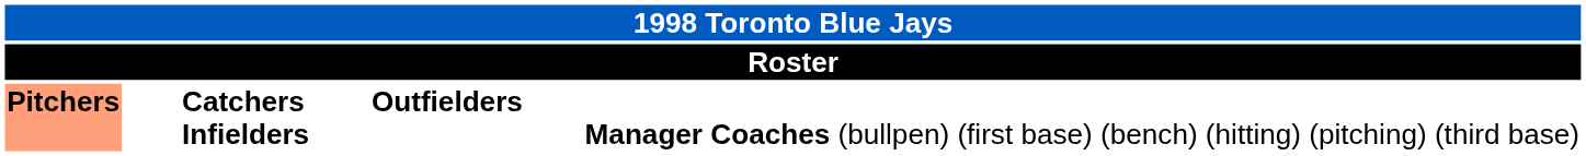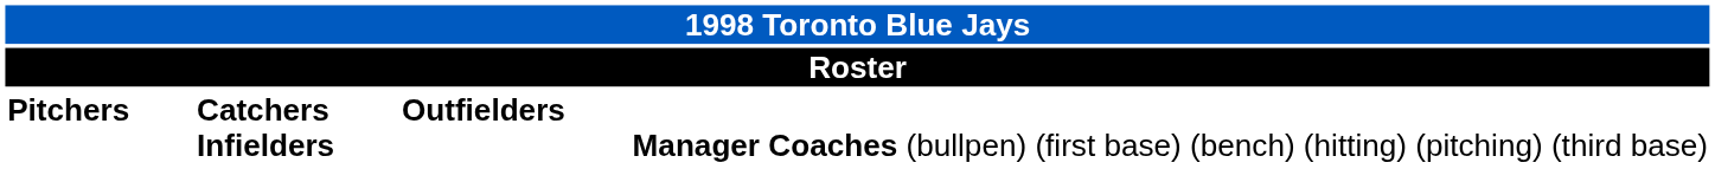 <table class="toccolours" style="font-size: 95%;">
 <tr>
 <th colspan="10" style="background-color: #005ac0; color: #FFFFFF; text-align: center;">1998 Toronto Blue Jays</th>
 </tr>
 <tr>
 <td colspan="10" style="background-color: black; color: white; text-align: center;"><strong>Roster</strong></td>
 </tr>
 <tr>
-<td valign="top" style="background: lightsalmon;"><strong>Pitchers</strong><br>                   </td>
+<td valign="top"><strong>Pitchers</strong><br>                   </td>
 <td width="25px"></td>
 <td valign="top"><strong>Catchers</strong><br>    <strong>Infielders</strong>         </td>
 <td width="25px"></td>
 <td valign="top"><strong>Outfielders</strong><br>       </td>
 <td width="25px"></td>
 <td valign="top"><br><strong>Manager</strong>  <strong>Coaches</strong>  (bullpen)  (first base)  (bench)  (hitting)  (pitching)  (third base)</td>
 </tr>
 </table>
